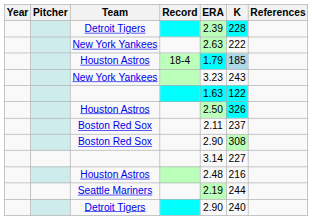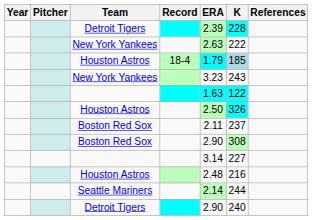 <table class="wikitable sortable plainrowheaders" style="text-align:center">
 <tr>
 <th>Year</th>
 <th>Pitcher</th>
 <th>Team</th>
 <th data-sort-type="number">Record</th>
 <th>ERA</th>
 <th>K</th>
 <th class="unsortable">References</th>
 </tr>
 <tr>
 <td></td>
 <th scope="row" style="text-align:center; background:#cfecec;"></th>
 <td><a href='#'>Detroit Tigers</a></td>
 <td style="background:#00ffff;"></td>
 <td style="background:#bfb;">2.39</td>
 <td style="background:#00ffff;">228</td>
 <td></td>
 </tr>
 <tr>
 <td></td>
 <th scope="row" style="text-align:center; background:#cfecec;"> </th>
 <td><a href='#'>New York Yankees</a></td>
 <td></td>
 <td style="background:#bfb;">2.63</td>
 <td>222</td>
 <td></td>
 </tr>
 <tr>
 <td></td>
 <th scope="row" style="text-align:center; background:#cfecec;"> </th>
 <td><a href='#'>Houston Astros</a><br></td>
 <td style="background:#bfb;">18-4</td>
 <td style="background:#00ffff;">1.79</td>
 <td style="background: lightblue;">185</td>
 <td></td>
 </tr>
 <tr>
 <td></td>
 <th scope="row" style="text-align:center; background:#cfecec;"> </th>
 <td><a href='#'>New York Yankees</a></td>
 <td style="background:#bfb;"></td>
 <td>3.23</td>
 <td>243</td>
 <td></td>
 </tr>
 <tr>
 <td></td>
 <th scope="row" style="text-align:center; background:#cfecec;"></th>
 <td></td>
 <td style="background:#00ffff;"></td>
 <td style="background:#00ffff;">1.63</td>
 <td style="background:#00ffff;">122</td>
 <td></td>
 </tr>
 <tr>
 <td></td>
 <th scope="row" style="text-align:center; background:#cfecec;"> </th>
 <td><a href='#'>Houston Astros</a></td>
 <td></td>
 <td style="background:#bfb;">2.50</td>
 <td style="background:#00ffff;">326</td>
 <td></td>
 </tr>
 <tr>
 <td></td>
 <th scope="row" style="text-align:center; background:#cfecec;"> </th>
 <td><a href='#'>Boston Red Sox</a></td>
 <td></td>
 <td>2.11</td>
 <td>237</td>
 <td></td>
 </tr>
 <tr>
 <td></td>
 <th scope="row" style="text-align:center; background:#cfecec;"> </th>
 <td><a href='#'>Boston Red Sox</a></td>
 <td></td>
 <td>2.90</td>
 <td style="background:#bfb;">308</td>
 <td></td>
 </tr>
 <tr>
 <td></td>
 <td></td>
 <td></td>
 <td></td>
 <td>3.14</td>
 <td>227</td>
 <td></td>
 </tr>
 <tr>
 <td></td>
 <th scope="row" style="text-align:center; background:#cfecec;"> </th>
 <td><a href='#'>Houston Astros</a></td>
 <td style="background:#bfb;"></td>
 <td>2.48</td>
 <td>216</td>
 <td></td>
 </tr>
 <tr>
 <td></td>
 <td> </td>
 <td><a href='#'>Seattle Mariners</a></td>
 <td></td>
-<td style="background:#bfb;">2.19</td>
+<td style="background:#bfb;">2.14</td>
 <td>244</td>
 <td></td>
 </tr>
 <tr>
 <td></td>
 <th scope="row" style="text-align:center; background:#cfecec;"> </th>
 <td><a href='#'>Detroit Tigers</a></td>
 <td style="background:#00ffff;"></td>
 <td>2.90</td>
 <td>240</td>
 <td></td>
 </tr>
 </table>
